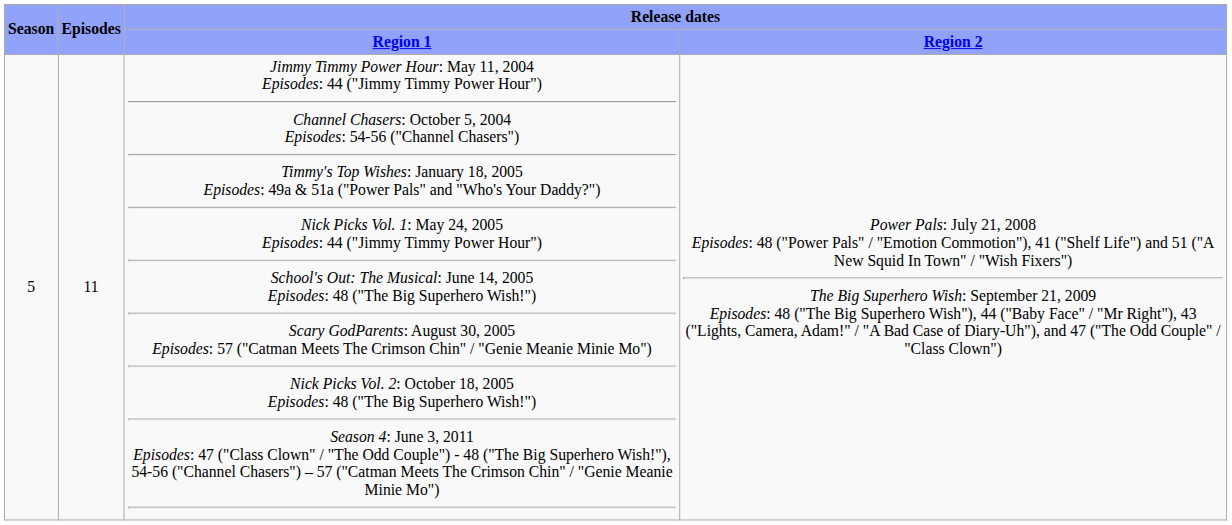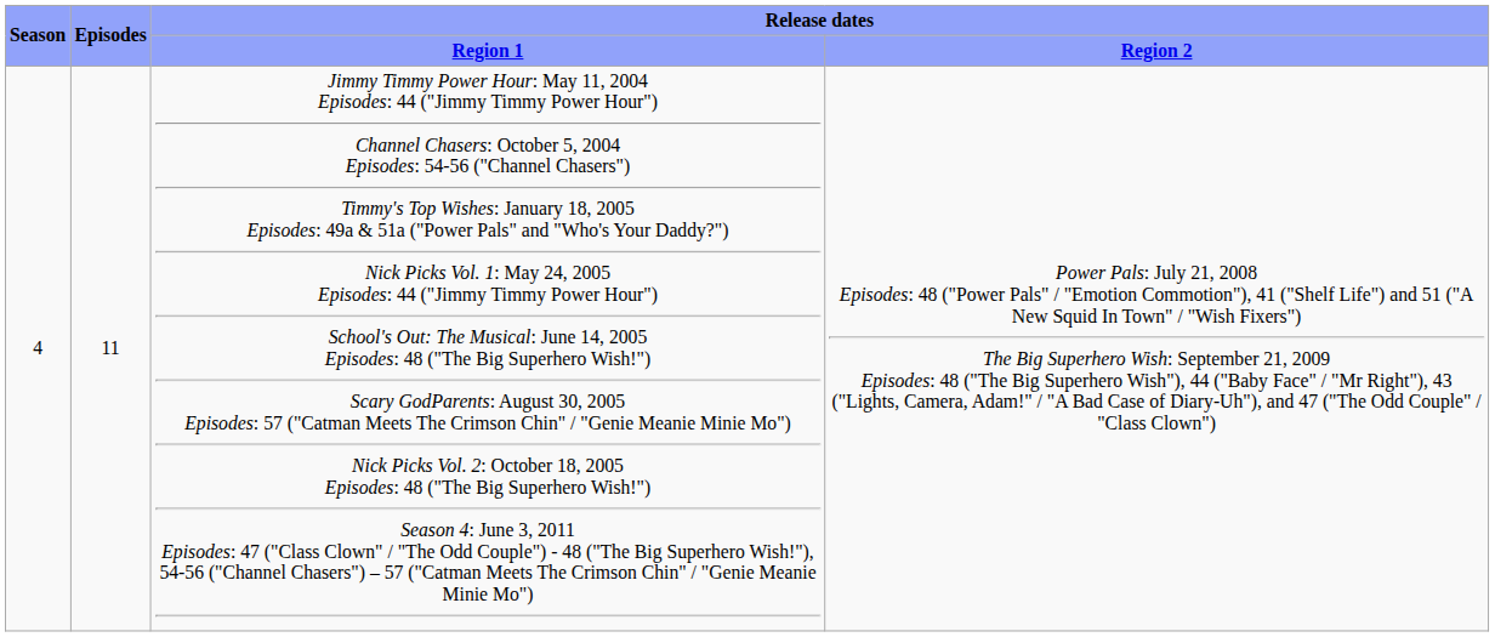 <table class="wikitable" style="text-align: center;">
 <tr>
 <th rowspan=2 style="background:#91a2fa;color:#">Season</th>
 <th rowspan=2 style="background:#91a2fa;color:#">Episodes</th>
 <th colspan=2 style="background:#91a2fa;color:#">Release dates</th>
 </tr>
 <tr>
 <th style="background:#91a2fa;color:#"><a href='#'>Region 1</a></th>
 <th style="background:#91a2fa;color:#"><a href='#'>Region 2</a></th>
 </tr>
 <tr>
-<td>5</td>
+<td>4</td>
 <td>11</td>
 <td><em>Jimmy Timmy Power Hour</em>: May 11, 2004<br><em>Episodes</em>: 44 ("Jimmy Timmy Power Hour")<hr><em>Channel Chasers</em>: October 5, 2004<br><em>Episodes</em>: 54-56 ("Channel Chasers")<hr><em>Timmy's Top Wishes</em>: January 18, 2005<br><em>Episodes</em>: 49a & 51a ("Power Pals" and "Who's Your Daddy?")<hr><em>Nick Picks Vol. 1</em>: May 24, 2005<br><em>Episodes</em>: 44 ("Jimmy Timmy Power Hour")<hr><em>School's Out: The Musical</em>: June 14, 2005<br><em>Episodes</em>: 48 ("The Big Superhero Wish!")<hr><em>Scary GodParents</em>: August 30, 2005<br><em>Episodes</em>: 57 ("Catman Meets The Crimson Chin" / "Genie Meanie Minie Mo")<hr><em>Nick Picks Vol. 2</em>: October 18, 2005<br><em>Episodes</em>: 48 ("The Big Superhero Wish!")<hr><em>Season 4</em>: June 3, 2011<br><em>Episodes</em>: 47 ("Class Clown" / "The Odd Couple") - 48 ("The Big Superhero Wish!"), 54-56 ("Channel Chasers") – 57 ("Catman Meets The Crimson Chin" / "Genie Meanie Minie Mo")<hr></td>
 <td><em>Power Pals</em>: July 21, 2008<br><em>Episodes</em>: 48 ("Power Pals" / "Emotion Commotion"), 41 ("Shelf Life") and 51 ("A New Squid In Town" / "Wish Fixers")<hr><em>The Big Superhero Wish</em>: September 21, 2009<br><em>Episodes</em>: 48 ("The Big Superhero Wish"),  44 ("Baby Face" / "Mr Right"), 43 ("Lights, Camera, Adam!" / "A Bad Case of Diary-Uh"), and 47 ("The Odd Couple" / "Class Clown")</td>
 </tr>
 </table>
